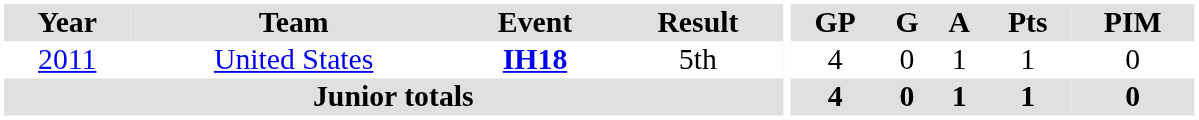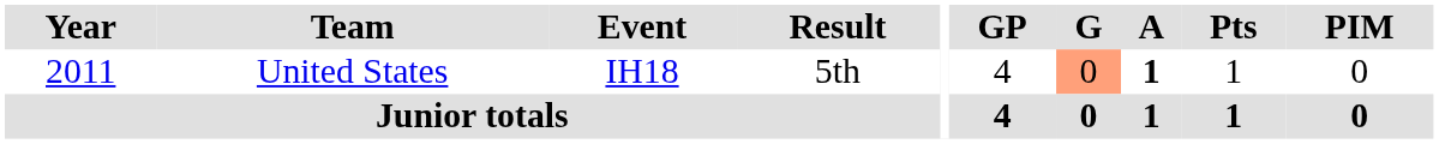 <table border="0" cellpadding="1" cellspacing="0" ID="Table3" style="text-align:center; width:40em">
 <tr ALIGN="center" bgcolor="#e0e0e0">
 <th>Year</th>
 <th>Team</th>
 <th>Event</th>
 <th>Result</th>
 <th rowspan="99" bgcolor="#ffffff"></th>
 <th>GP</th>
 <th>G</th>
 <th>A</th>
 <th>Pts</th>
 <th>PIM</th>
 </tr>
 <tr>
 <td><a href='#'>2011</a></td>
 <td><a href='#'>United States</a></td>
-<td><strong><a href='#'>IH18</a></strong></td>
+<td><a href='#'>IH18</a></td>
 <td>5th</td>
 <td>4</td>
-<td>0</td>
-<td>1</td>
+<td style="background: lightsalmon;">0</td>
+<td><strong>1</strong></td>
 <td>1</td>
 <td>0</td>
 </tr>
 <tr bgcolor="#e0e0e0">
 <th colspan="4">Junior totals</th>
 <th>4</th>
 <th>0</th>
 <th>1</th>
 <th>1</th>
 <th>0</th>
 </tr>
 </table>
